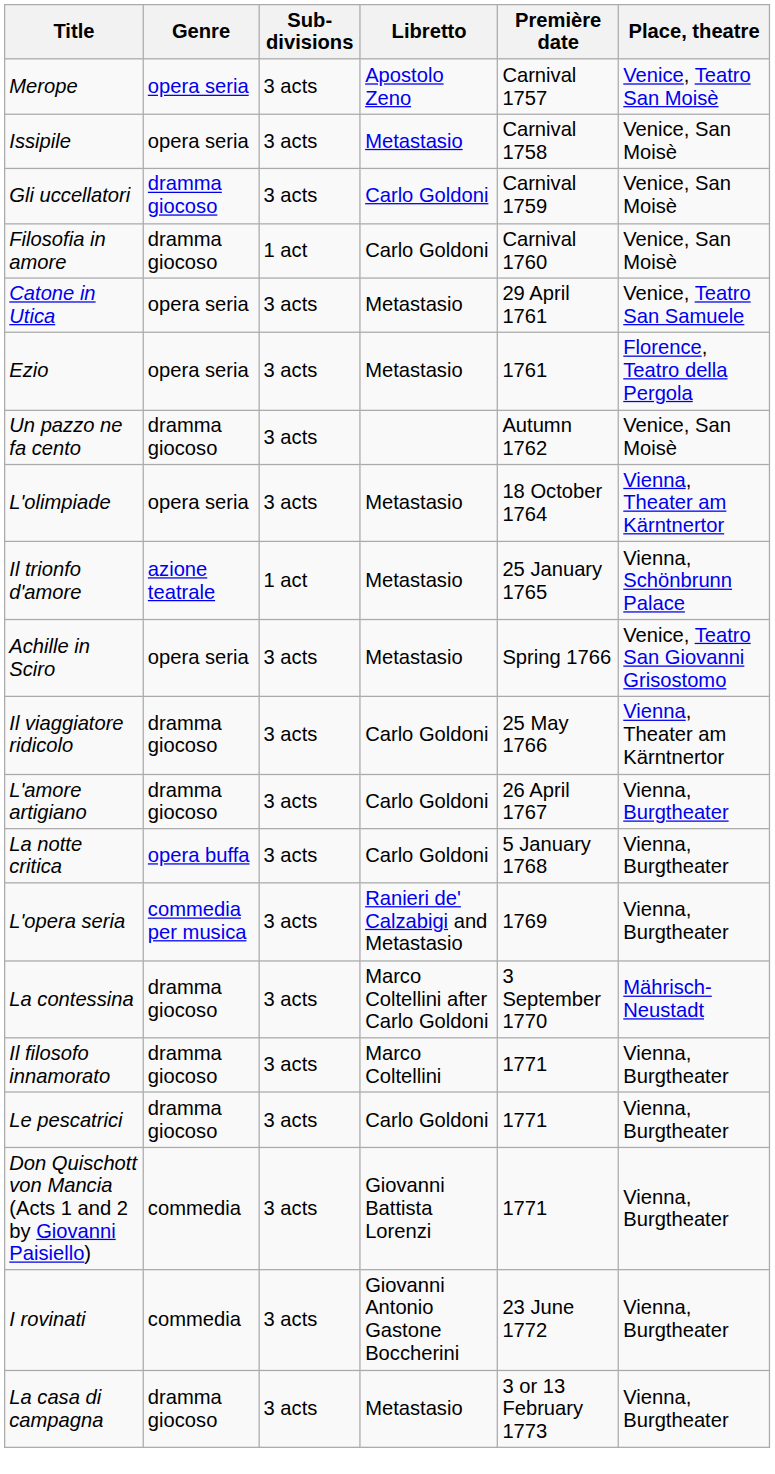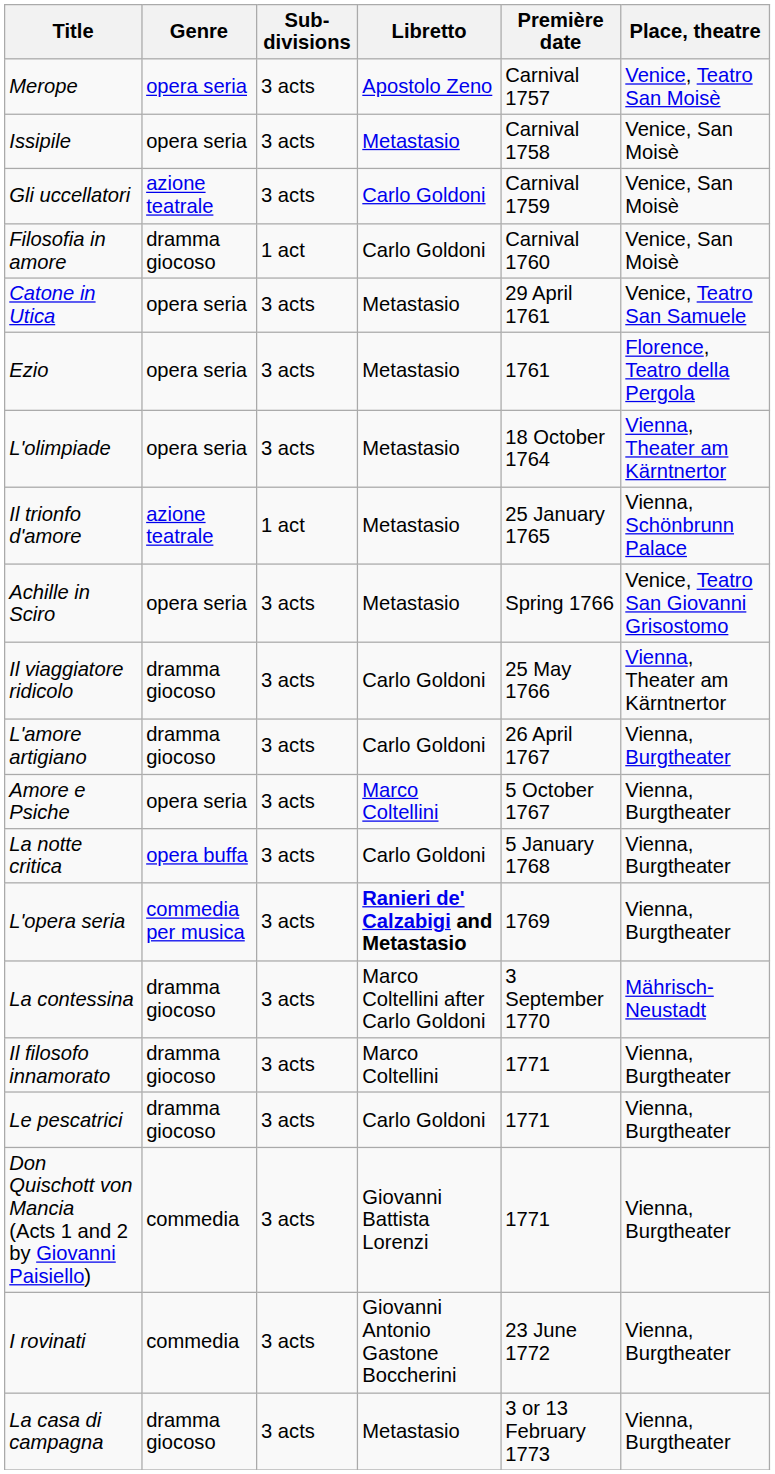 <table class="wikitable sortable">
 <tr>
 <th>Title</th>
 <th>Genre</th>
 <th>Sub­divisions</th>
 <th>Libretto</th>
 <th>Première date</th>
 <th>Place, theatre</th>
 </tr>
 <tr>
 <td><em>Merope</em></td>
 <td><a href='#'>opera seria</a></td>
 <td>3 acts</td>
 <td><a href='#'>Apostolo Zeno</a></td>
 <td>Carnival 1757</td>
 <td><a href='#'>Venice</a>, <a href='#'>Teatro San Moisè</a></td>
 </tr>
 <tr>
 <td><em>Issipile</em></td>
 <td>opera seria</td>
 <td>3 acts</td>
 <td><a href='#'>Metastasio</a></td>
 <td>Carnival 1758</td>
 <td>Venice, San Moisè</td>
 </tr>
 <tr>
 <td><em>Gli uccellatori</em></td>
-<td><a href='#'>dramma giocoso</a></td>
+<td><a href='#'>azione teatrale</a></td>
 <td>3 acts</td>
 <td><a href='#'>Carlo Goldoni</a></td>
 <td>Carnival 1759</td>
 <td>Venice, San Moisè</td>
 </tr>
 <tr>
 <td><em>Filosofia in amore</em></td>
 <td>dramma giocoso</td>
 <td>1 act</td>
 <td>Carlo Goldoni</td>
 <td>Carnival 1760</td>
 <td>Venice, San Moisè</td>
 </tr>
 <tr>
 <td><em><a href='#'>Catone in Utica</a></em></td>
 <td>opera seria</td>
 <td>3 acts</td>
 <td>Metastasio</td>
 <td>29 April 1761</td>
 <td>Venice, <a href='#'>Teatro San Samuele</a></td>
 </tr>
 <tr>
 <td><em>Ezio</em></td>
 <td>opera seria</td>
 <td>3 acts</td>
 <td>Metastasio</td>
 <td>1761</td>
 <td><a href='#'>Florence</a>, <a href='#'>Teatro della Pergola</a></td>
-</tr>
-<tr>
-<td><em>Un pazzo ne fa cento</em></td>
-<td>dramma giocoso</td>
-<td>3 acts</td>
-<td></td>
-<td>Autumn 1762</td>
-<td>Venice, San Moisè</td>
 </tr>
 <tr>
 <td><em>L'olimpiade</em></td>
 <td>opera seria</td>
 <td>3 acts</td>
 <td>Metastasio</td>
 <td>18 October 1764</td>
 <td><a href='#'>Vienna</a>, <a href='#'>Theater am Kärntnertor</a></td>
 </tr>
 <tr>
 <td><em>Il trionfo d'amore</em></td>
 <td><a href='#'>azione teatrale</a></td>
 <td>1 act</td>
 <td>Metastasio</td>
 <td>25 January 1765</td>
 <td>Vienna, <a href='#'>Schönbrunn Palace</a></td>
 </tr>
 <tr>
 <td><em>Achille in Sciro</em></td>
 <td>opera seria</td>
 <td>3 acts</td>
 <td>Metastasio</td>
 <td>Spring 1766</td>
 <td>Venice, <a href='#'>Teatro San Giovanni Grisostomo</a></td>
 </tr>
 <tr>
 <td><em>Il viaggiatore ridicolo</em></td>
 <td>dramma giocoso</td>
 <td>3 acts</td>
 <td>Carlo Goldoni</td>
 <td>25 May 1766</td>
 <td><a href='#'>Vienna</a>, Theater am Kärntnertor</td>
 </tr>
 <tr>
 <td><em>L'amore artigiano</em></td>
 <td>dramma giocoso</td>
 <td>3 acts</td>
 <td>Carlo Goldoni</td>
 <td>26 April 1767</td>
 <td>Vienna, <a href='#'>Burgtheater</a></td>
 </tr>
 <tr>
+<td><em>Amore e Psiche</em></td>
+<td>opera seria</td>
+<td>3 acts</td>
+<td><a href='#'>Marco Coltellini</a></td>
+<td>5 October 1767</td>
+<td>Vienna,  Burgtheater</td>
+</tr>
+<tr>
 <td><em>La notte critica</em></td>
 <td><a href='#'>opera buffa</a></td>
 <td>3 acts</td>
 <td>Carlo Goldoni</td>
 <td>5 January 1768</td>
 <td>Vienna,  Burgtheater</td>
 </tr>
 <tr>
 <td><em>L'opera seria</em></td>
 <td><a href='#'>commedia per musica</a></td>
 <td>3 acts</td>
-<td><a href='#'>Ranieri de' Calzabigi</a> and Metastasio</td>
+<td><strong><a href='#'>Ranieri de' Calzabigi</a> and Metastasio</strong></td>
 <td>1769</td>
 <td>Vienna,  Burgtheater</td>
 </tr>
 <tr>
 <td><em>La contessina</em></td>
 <td>dramma giocoso</td>
 <td>3 acts</td>
 <td>Marco Coltellini after Carlo Goldoni</td>
 <td>3 September 1770</td>
 <td><a href='#'>Mährisch-Neustadt</a></td>
 </tr>
 <tr>
 <td><em>Il filosofo innamorato</em></td>
 <td>dramma giocoso</td>
 <td>3 acts</td>
 <td>Marco Coltellini</td>
 <td>1771</td>
 <td>Vienna,  Burgtheater</td>
 </tr>
 <tr>
 <td><em>Le pescatrici</em></td>
 <td>dramma giocoso</td>
 <td>3 acts</td>
 <td>Carlo Goldoni</td>
 <td>1771</td>
 <td>Vienna,  Burgtheater</td>
 </tr>
 <tr>
 <td><em>Don Quischott von Mancia</em><br>(Acts 1 and 2 by <a href='#'>Giovanni Paisiello</a>)</td>
 <td>commedia</td>
 <td>3 acts</td>
 <td>Giovanni Battista Lorenzi</td>
 <td>1771</td>
 <td>Vienna,  Burgtheater</td>
 </tr>
 <tr>
 <td><em>I rovinati</em></td>
 <td>commedia</td>
 <td>3 acts</td>
 <td>Giovanni Antonio Gastone Boccherini</td>
 <td>23 June 1772</td>
 <td>Vienna,  Burgtheater</td>
 </tr>
 <tr>
 <td><em>La casa di campagna</em></td>
 <td>dramma giocoso</td>
 <td>3 acts</td>
 <td>Metastasio</td>
 <td>3 or 13 February 1773</td>
 <td>Vienna,  Burgtheater</td>
 </tr>
 </table>
